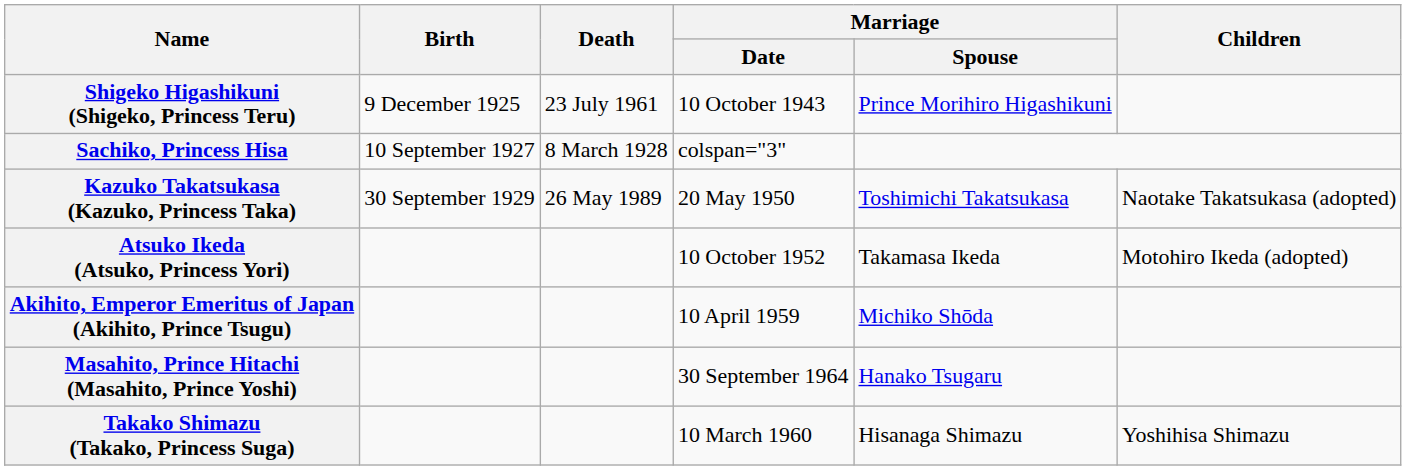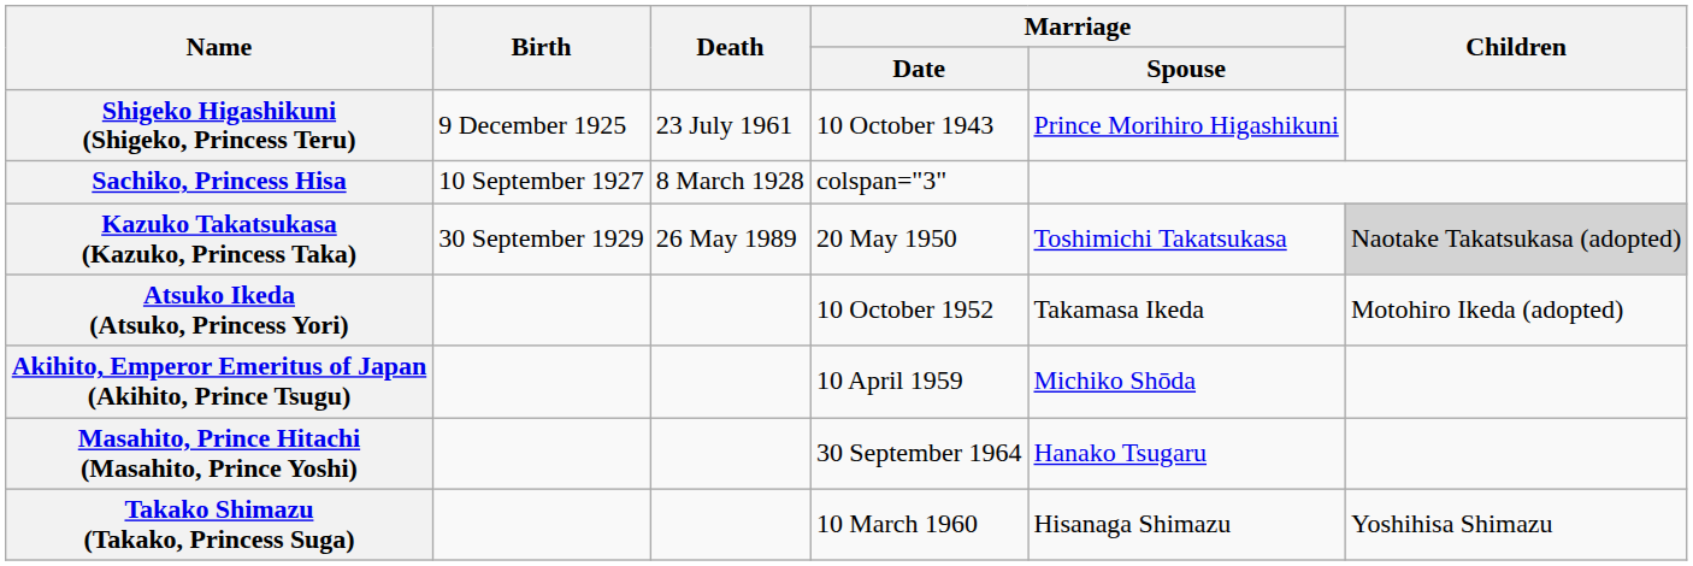 <table class="wikitable plainrowheaders">
 <tr>
 <th rowspan="2" scope="col">Name</th>
 <th rowspan="2" scope="col">Birth</th>
 <th rowspan="2" scope="col">Death</th>
 <th colspan="2" scope="col">Marriage</th>
 <th rowspan="2" scope="col">Children</th>
 </tr>
 <tr>
 <th scope="col">Date</th>
 <th scope="col">Spouse</th>
 </tr>
 <tr>
 <th scope="row"><a href='#'>Shigeko Higashikuni</a><br>(Shigeko, Princess Teru)</th>
 <td>9 December 1925</td>
 <td>23 July 1961</td>
 <td>10 October 1943</td>
 <td><a href='#'>Prince Morihiro Higashikuni</a></td>
 <td></td>
 </tr>
 <tr>
 <th scope="row"><a href='#'>Sachiko, Princess Hisa</a></th>
 <td>10 September 1927</td>
 <td>8 March 1928</td>
 <td>colspan="3" </td>
 </tr>
 <tr>
 <th scope="row"><a href='#'>Kazuko Takatsukasa</a><br>(Kazuko, Princess Taka)</th>
 <td>30 September 1929</td>
 <td>26 May 1989</td>
 <td>20 May 1950</td>
 <td><a href='#'>Toshimichi Takatsukasa</a></td>
-<td>Naotake Takatsukasa (adopted)</td>
+<td style="background: lightgrey;">Naotake Takatsukasa (adopted)</td>
 </tr>
 <tr>
 <th scope="row"><a href='#'>Atsuko Ikeda</a><br>(Atsuko, Princess Yori)</th>
 <td></td>
 <td></td>
 <td>10 October 1952</td>
 <td>Takamasa Ikeda</td>
 <td>Motohiro Ikeda (adopted)</td>
 </tr>
 <tr>
 <th scope="row"><a href='#'>Akihito, Emperor Emeritus of Japan</a><br>(Akihito, Prince Tsugu)</th>
 <td></td>
 <td></td>
 <td>10 April 1959</td>
 <td><a href='#'>Michiko Shōda</a></td>
 <td></td>
 </tr>
 <tr>
 <th scope="row"><a href='#'>Masahito, Prince Hitachi</a><br>(Masahito, Prince Yoshi)</th>
 <td></td>
 <td></td>
 <td>30 September 1964</td>
 <td><a href='#'>Hanako Tsugaru</a></td>
 <td></td>
 </tr>
 <tr>
 <th scope="row"><a href='#'>Takako Shimazu</a><br>(Takako, Princess Suga)</th>
 <td></td>
 <td></td>
 <td>10 March 1960</td>
 <td>Hisanaga Shimazu</td>
 <td>Yoshihisa Shimazu</td>
 </tr>
 </table>
